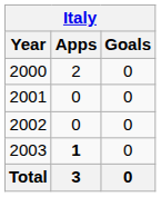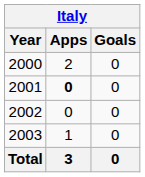 <table class="wikitable" style="text-align:center">
 <tr>
 <th colspan=3><a href='#'>Italy</a></th>
 </tr>
 <tr>
 <th>Year</th>
 <th>Apps</th>
 <th>Goals</th>
 </tr>
 <tr>
 <td>2000</td>
 <td>2</td>
 <td>0</td>
 </tr>
 <tr>
 <td>2001</td>
-<td>0</td>
+<td><strong>0</strong></td>
 <td>0</td>
 </tr>
 <tr>
 <td>2002</td>
 <td>0</td>
 <td>0</td>
 </tr>
 <tr>
 <td>2003</td>
-<td><strong>1</strong></td>
+<td>1</td>
 <td>0</td>
 </tr>
 <tr>
 <th>Total</th>
 <th>3</th>
 <th>0</th>
 </tr>
 </table>
